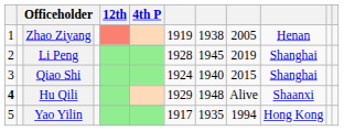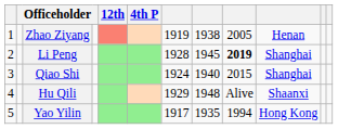 <table class="wikitable sortable" style=text-align:center>
 <tr>
 <th scope=col></th>
 <th scope=col colspan="3">Officeholder</th>
 <th scope=col><a href='#'>12th</a></th>
 <th scope=col><a href='#'>4th P</a></th>
 <th scope=col></th>
 <th scope=col></th>
 <th scope=col></th>
 <th scope=col></th>
 <th scope=col></th>
 <th scope=col class="unsortable"></th>
 </tr>
 <tr>
 <td>1</td>
 <td></td>
 <th align="center" scope="row" style="font-weight:normal;"><a href='#'>Zhao Ziyang</a></th>
 <td></td>
 <td bgcolor = Salmon></td>
 <td bgcolor = PeachPuff></td>
 <td>1919</td>
 <td>1938</td>
 <td>2005</td>
 <td><a href='#'>Henan</a></td>
 <td></td>
 <td></td>
 </tr>
 <tr>
 <td>2</td>
 <td></td>
 <th align="center" scope="row" style="font-weight:normal;"><a href='#'>Li Peng</a></th>
 <td></td>
 <td bgcolor = LightGreen></td>
 <td bgcolor = LightGreen></td>
 <td>1928</td>
 <td>1945</td>
-<td>2019</td>
+<td><strong>2019</strong></td>
 <td><a href='#'>Shanghai</a></td>
 <td></td>
 <td></td>
 </tr>
 <tr>
 <td>3</td>
 <td></td>
 <th align="center" scope="row" style="font-weight:normal;"><a href='#'>Qiao Shi</a></th>
 <td></td>
 <td bgcolor = LightGreen></td>
 <td bgcolor = LightGreen></td>
 <td>1924</td>
 <td>1940</td>
 <td>2015</td>
 <td><a href='#'>Shanghai</a></td>
 <td></td>
 <td></td>
 </tr>
 <tr>
-<td><strong>4</strong></td>
+<td>4</td>
 <td></td>
 <th align="center" scope="row" style="font-weight:normal;"><a href='#'>Hu Qili</a></th>
 <td></td>
 <td bgcolor = LightGreen></td>
 <td bgcolor = PeachPuff></td>
 <td>1929</td>
 <td>1948</td>
 <td>Alive</td>
 <td><a href='#'>Shaanxi</a></td>
 <td></td>
 <td></td>
 </tr>
 <tr>
 <td>5</td>
 <td></td>
 <th align="center" scope="row" style="font-weight:normal;"><a href='#'>Yao Yilin</a></th>
 <td></td>
 <td bgcolor = LightGreen></td>
 <td bgcolor = LightGreen></td>
 <td>1917</td>
 <td>1935</td>
 <td>1994</td>
 <td><a href='#'>Hong Kong</a></td>
 <td></td>
 <td></td>
 </tr>
 </table>
